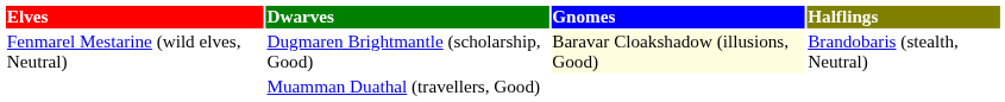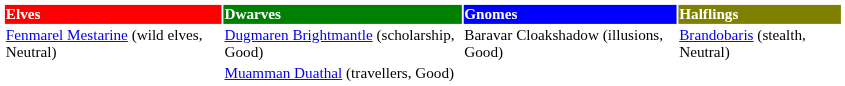 <table border=0 width=100%>
 <tr>
 <td style="color:white" bgcolor=red><strong>Elves</strong></td>
 <td style="color:white" bgcolor=green><strong>Dwarves</strong></td>
 <td style="color:white" bgcolor=blue><strong>Gnomes</strong></td>
 <td style="color:white" bgcolor=olive><strong>Halflings</strong></td>
 </tr>
 <tr>
 <td><a href='#'>Fenmarel Mestarine</a> (wild elves, Neutral)</td>
 <td><a href='#'>Dugmaren Brightmantle</a> (scholarship, Good)</td>
-<td style="background: lightyellow;">Baravar Cloakshadow (illusions, Good)</td>
+<td>Baravar Cloakshadow (illusions, Good)</td>
 <td><a href='#'>Brandobaris</a> (stealth, Neutral)</td>
 </tr>
 <tr>
 <td> </td>
 <td><a href='#'>Muamman Duathal</a> (travellers, Good)</td>
 </tr>
 <tr>
 </tr>
 </table>
